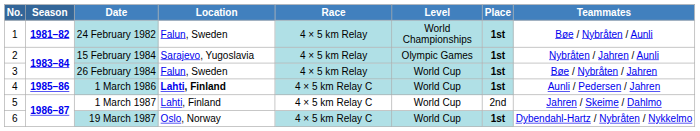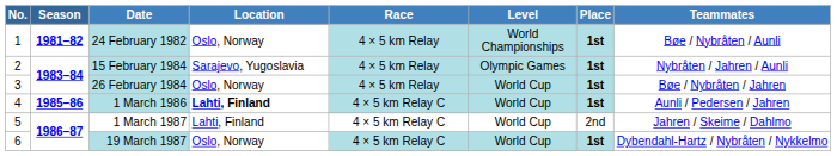 <table class="wikitable sortable" style="font-size:95%; text-align:center; border:grey solid 1px; border-collapse:collapse; background:#ffffff;">
 <tr style="background:#efefef;">
 <th style="background-color:#369; color:white;">No.</th>
 <th style="background-color:#369; color:white;">Season</th>
 <th style="background-color:#4180be; color:white; width:120px;">Date</th>
 <th style="background-color:#4180be; color:white; width:170px;">Location</th>
 <th style="background-color:#4180be; color:white; width:170px;">Race</th>
 <th style="background-color:#4180be; color:white; width:130px;">Level</th>
 <th style="background-color:#4180be; color:white;">Place</th>
 <th style="background-color:#4180be; color:white;">Teammates</th>
 </tr>
 <tr>
 <td align=center>1</td>
 <td rowspan=1 align=center><strong><a href='#'>1981–82</a></strong></td>
 <td bgcolor="#BOEOE6" align=right>24 February 1982</td>
-<td align=left> <a href='#'>Falun</a>, Sweden</td>
+<td align=left> <a href='#'>Oslo</a>, Norway</td>
 <td bgcolor="#BOEOE6">4 × 5 km Relay</td>
 <td bgcolor="#BOEOE6">World Championships</td>
 <td bgcolor="#BOEOE6"><strong>1st</strong></td>
 <td><a href='#'>Bøe</a> / <a href='#'>Nybråten</a> / <a href='#'>Aunli</a></td>
 </tr>
 <tr>
 <td align=center>2</td>
 <td rowspan=2 align=center><strong><a href='#'>1983–84</a></strong></td>
 <td bgcolor="#BOEOE6" align=right>15 February 1984</td>
 <td align=left> <a href='#'>Sarajevo</a>, Yugoslavia</td>
 <td bgcolor="#BOEOE6">4 × 5 km Relay</td>
 <td bgcolor="#BOEOE6">Olympic Games</td>
 <td bgcolor="#BOEOE6"><strong>1st</strong></td>
 <td><a href='#'>Nybråten</a> / <a href='#'>Jahren</a> / <a href='#'>Aunli</a></td>
 </tr>
 <tr>
 <td align=center>3</td>
 <td bgcolor="#BOEOE6" align=right>26 February 1984</td>
-<td align=left> <a href='#'>Falun</a>, Sweden</td>
+<td align=left> <a href='#'>Oslo</a>, Norway</td>
 <td bgcolor="#BOEOE6">4 × 5 km Relay</td>
 <td bgcolor="#BOEOE6">World Cup</td>
 <td bgcolor="#BOEOE6"><strong>1st</strong></td>
 <td><a href='#'>Bøe</a> / <a href='#'>Nybråten</a> / <a href='#'>Jahren</a></td>
 </tr>
 <tr>
 <td align=center>4</td>
 <td rowspan=1 align=center><strong><a href='#'>1985–86</a></strong></td>
 <td bgcolor="#BOEOE6" align=right>1 March 1986</td>
 <td align=left><strong> <a href='#'>Lahti</a>, Finland</strong></td>
 <td bgcolor="#BOEOE6">4 × 5 km Relay C</td>
 <td bgcolor="#BOEOE6">World Cup</td>
 <td bgcolor="#BOEOE6"><strong>1st</strong></td>
 <td><a href='#'>Aunli</a> / <a href='#'>Pedersen</a> / <a href='#'>Jahren</a></td>
 </tr>
 <tr>
 <td align=center>5</td>
 <td rowspan=2 align=center><strong> <a href='#'>1986–87</a> </strong></td>
 <td align=right>1 March 1987</td>
 <td align=left> <a href='#'>Lahti</a>, Finland</td>
 <td>4 × 5 km Relay C</td>
 <td>World Cup</td>
 <td>2nd</td>
 <td><a href='#'>Jahren</a> / <a href='#'>Skeime</a> / <a href='#'>Dahlmo</a></td>
 </tr>
 <tr>
 <td align=center>6</td>
 <td bgcolor="#BOEOE6" align=right>19 March 1987</td>
 <td align=left> <a href='#'>Oslo</a>, Norway</td>
 <td bgcolor="#BOEOE6">4 × 5 km Relay C</td>
 <td bgcolor="#BOEOE6">World Cup</td>
 <td bgcolor="#BOEOE6"><strong>1st</strong></td>
 <td><a href='#'>Dybendahl-Hartz</a> / <a href='#'>Nybråten</a> / <a href='#'>Nykkelmo</a></td>
 </tr>
 </table>
